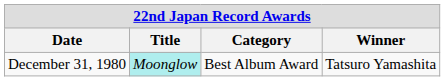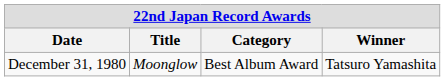 <table class="wikitable" border="1">
 <tr>
 <td colspan=4 bgcolor="#DDDDDD" align=center><strong><a href='#'>22nd Japan Record Awards</a></strong></td>
 </tr>
 <tr>
 <th align="center">Date</th>
 <th align="center">Title</th>
 <th align="center">Category</th>
 <th align="center">Winner</th>
 </tr>
 <tr>
 <td align="left">December 31, 1980</td>
-<td align="left" style="background: paleturquoise;"><em>Moonglow</em></td>
+<td align="left"><em>Moonglow</em></td>
 <td align="left">Best Album Award</td>
 <td align="left">Tatsuro Yamashita</td>
 </tr>
 </table>
